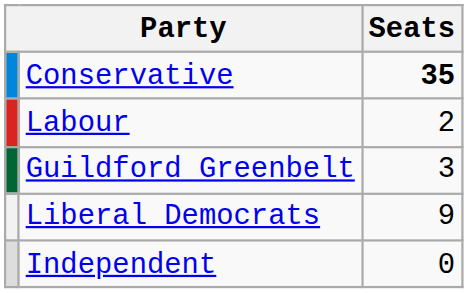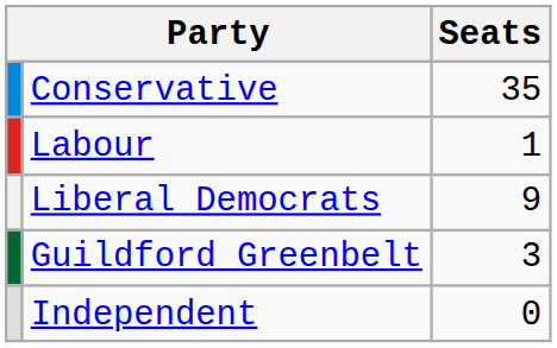 <table class="wikitable">
 <tr>
 <th colspan=2>Party</th>
 <th>Seats</th>
 </tr>
 <tr>
 <th style="background-color: #0087DC"></th>
 <td><a href='#'>Conservative</a></td>
-<td align=right><strong>35</strong></td>
+<td align=right>35</td>
 </tr>
 <tr>
 <th style="background-color: #DC241f"></th>
 <td><a href='#'>Labour</a></td>
-<td align=right>2</td>
+<td align=right>1</td>
+</tr>
+<tr>
+<th style="background-color: "></th>
+<td><a href='#'>Liberal Democrats</a></td>
+<td align=right>9</td>
 </tr>
 <tr>
 <th style="background-color: #006633"></th>
 <td><a href='#'>Guildford Greenbelt</a></td>
 <td align=right>3</td>
 </tr>
 <tr>
-<th style="background-color: "></th>
-<td><a href='#'>Liberal Democrats</a></td>
-<td align=right>9</td>
-</tr>
-<tr>
 <th style="background-color: #DDDDDD"></th>
 <td><a href='#'>Independent</a></td>
 <td align=right>0</td>
 </tr>
 </table>
